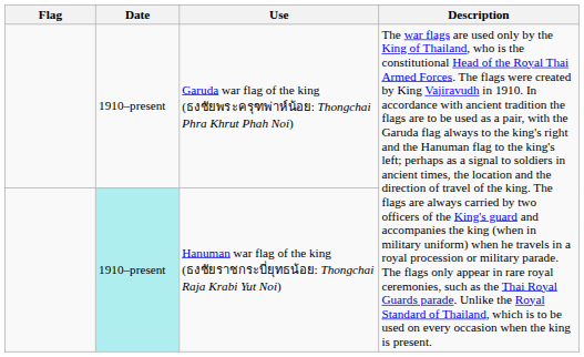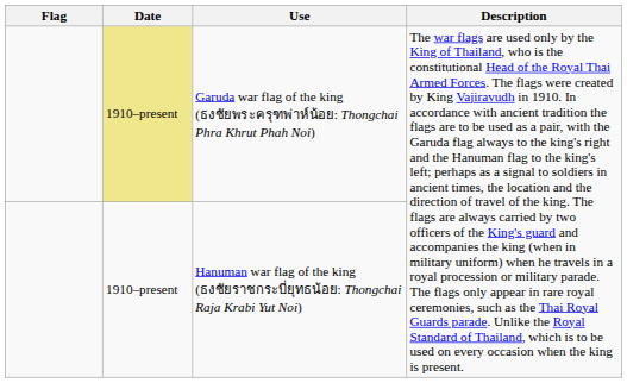 <table class="wikitable">
 <tr>
 <th width="110">Flag</th>
 <th width="100">Date</th>
 <th width="250">Use</th>
 <th width="250">Description</th>
 </tr>
 <tr>
 <td></td>
-<td>1910–present</td>
+<td style="background: khaki;">1910–present</td>
 <td><a href='#'>Garuda</a> war flag of the king<br>(ธงชัยพระครุฑพ่าห์น้อย: <em>Thongchai Phra Khrut Phah Noi</em>)</td>
 <td rowspan=2>The <a href='#'>war flags</a> are used only by the <a href='#'>King of Thailand</a>, who is the constitutional <a href='#'>Head of the Royal Thai Armed Forces</a>. The flags were created by King <a href='#'>Vajiravudh</a> in 1910. In accordance with ancient tradition the flags are to be used as a pair, with the Garuda flag always to the king's right and the Hanuman flag to the king's left; perhaps as a signal to soldiers in ancient times, the location and the direction of travel of the king. The flags are always carried by two officers of the <a href='#'>King's guard</a> and accompanies the king (when in military uniform) when he travels in a royal procession or military parade. The flags only appear in rare royal ceremonies, such as the <a href='#'>Thai Royal Guards parade</a>. Unlike the <a href='#'>Royal Standard of Thailand</a>, which is to be used on every occasion when the king is present.</td>
 </tr>
 <tr>
 <td></td>
-<td style="background: paleturquoise;">1910–present</td>
+<td>1910–present</td>
 <td><a href='#'>Hanuman</a> war flag of the king<br>(ธงชัยราชกระบี่ยุทธน้อย: <em>Thongchai Raja Krabi Yut Noi</em>)</td>
 </tr>
 </table>
